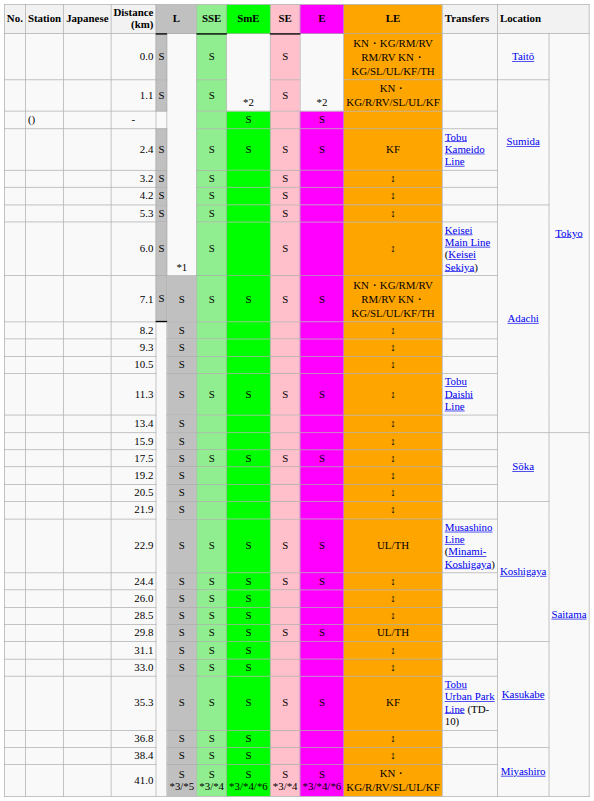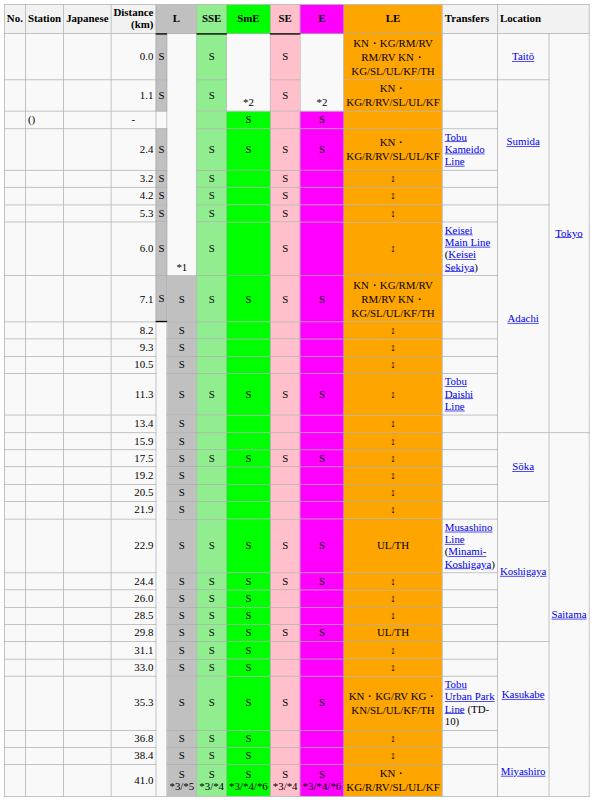 <table class="wikitable">
 <tr style="text-align: center;">
 <th style="text-align: left">No.</th>
 <th style="text-align: left">Station</th>
 <th style="text-align: left">Japanese</th>
 <th style="text-align: right">Distance (km)</th>
 <th style="background: silver" colspan="2">L</th>
 <th style="background: lightgreen">SSE</th>
 <th style="background: lime">SmE</th>
 <th style="background: pink">SE</th>
 <th style="background: magenta">E</th>
 <th style="background: orange">LE</th>
 <th style="text-align: left">Transfers</th>
 <th style="text-align: left" colspan="2">Location</th>
 </tr>
 <tr style="text-align: center; ">
 <td style="text-align: left"></td>
 <td style="text-align: left"></td>
 <td style="text-align: left"></td>
 <td style="text-align: right">0.0</td>
 <td style="background: silver; border-top: solid 2px black">S</td>
 <td valign="bottom" rowspan="8">*1</td>
 <td style="background: lightgreen; border-top: solid 2px black">S</td>
 <td valign="bottom" rowspan="2">*2</td>
 <td style="background: pink; border-top: solid 2px black">S</td>
 <td valign="bottom" rowspan="2">*2</td>
 <td style="background: orange">KN・KG/RM/RV RM/RV KN・KG/SL/UL/KF/TH</td>
 <td style="text-align: left"></td>
 <td><a href='#'>Taitō</a></td>
 <td rowspan="14"><a href='#'>Tokyo</a></td>
 </tr>
 <tr style="text-align: center; ">
 <td style="text-align: left"></td>
 <td style="text-align: left"></td>
 <td style="text-align: left"></td>
 <td style="text-align: right">1.1</td>
 <td style="background: silver">S</td>
 <td style="background: lightgreen">S</td>
 <td style="background: pink">S</td>
 <td style="background: orange">KN・KG/R/RV/SL/UL/KF</td>
 <td style="text-align: left"> </td>
 <td rowspan="5"><a href='#'>Sumida</a></td>
 </tr>
 <tr style="text-align: center; ">
 <td style="text-align: left"></td>
 <td style="text-align: left">()</td>
 <td style="text-align: left"></td>
 <td style="text-align: center">-</td>
 <td> </td>
 <td style="background: lightgreen"> </td>
 <td style="background: lime">S</td>
 <td style="background: pink"> </td>
 <td style="background: magenta">S</td>
 <td style="background: orange"></td>
 <td style="text-align: left"></td>
 </tr>
 <tr style="text-align: center; ">
 <td style="text-align: left"></td>
 <td style="text-align: left"></td>
 <td style="text-align: left"></td>
 <td style="text-align: right">2.4</td>
 <td style="background: silver">S</td>
 <td style="background: lightgreen">S</td>
 <td style="background: lime">S</td>
 <td style="background: pink">S</td>
 <td style="background: magenta">S</td>
-<td style="background: orange">KF</td>
+<td style="background: orange">KN・KG/R/RV/SL/UL/KF</td>
 <td style="text-align: left"> <a href='#'>Tobu Kameido Line</a></td>
 </tr>
 <tr style="text-align: center; ">
 <td style="text-align: left"></td>
 <td style="text-align: left"></td>
 <td style="text-align: left"></td>
 <td style="text-align: right">3.2</td>
 <td style="background: silver">S</td>
 <td style="background: lightgreen">S</td>
 <td style="background: lime"> </td>
 <td style="background: pink">S</td>
 <td style="background: magenta"> </td>
 <td style="background: orange">↕</td>
 <td style="text-align: left"> </td>
 </tr>
 <tr style="text-align: center; ">
 <td style="text-align: left"></td>
 <td style="text-align: left"></td>
 <td style="text-align: left"></td>
 <td style="text-align: right">4.2</td>
 <td style="background: silver">S</td>
 <td style="background: lightgreen">S</td>
 <td style="background: lime"> </td>
 <td style="background: pink">S</td>
 <td style="background: magenta"> </td>
 <td style="background: orange">↕</td>
 <td style="text-align: left"> </td>
 </tr>
 <tr style="text-align: center; ">
 <td style="text-align: left"></td>
 <td style="text-align: left"></td>
 <td style="text-align: left"></td>
 <td style="text-align: right">5.3</td>
 <td style="background: silver">S</td>
 <td style="background: lightgreen">S</td>
 <td style="background: lime"> </td>
 <td style="background: pink">S</td>
 <td style="background: magenta"> </td>
 <td style="background: orange">↕</td>
 <td> </td>
 <td rowspan="8"><a href='#'>Adachi</a></td>
 </tr>
 <tr style="text-align: center; ">
 <td style="text-align: left"></td>
 <td style="text-align: left"></td>
 <td style="text-align: left"></td>
 <td style="text-align: right">6.0</td>
 <td style="background: silver">S</td>
 <td style="background: lightgreen">S</td>
 <td style="background: lime"> </td>
 <td style="background: pink">S</td>
 <td style="background: magenta"> </td>
 <td style="background: orange">↕</td>
 <td style="text-align: left"> <a href='#'>Keisei Main Line</a><br>(<a href='#'>Keisei Sekiya</a>)</td>
 </tr>
 <tr style="text-align: center; ">
 <td style="text-align: left"></td>
 <td style="text-align: left"></td>
 <td style="text-align: left"></td>
 <td style="text-align: right">7.1</td>
 <td style="background: silver; border-bottom: solid 2px black">S</td>
 <td style="background: silver">S</td>
 <td style="background: lightgreen">S</td>
 <td style="background: lime">S</td>
 <td style="background: pink">S</td>
 <td style="background: magenta">S</td>
 <td style="background: orange">KN・KG/RM/RV RM/RV KN・KG/SL/UL/KF/TH</td>
 <td style="text-align: left"></td>
 </tr>
 <tr style="text-align: center; ">
 <td style="text-align: left"></td>
 <td style="text-align: left"></td>
 <td style="text-align: left"></td>
 <td style="text-align: right">8.2</td>
 <td rowspan="21"> </td>
 <td style="background: silver">S</td>
 <td style="background: lightgreen"> </td>
 <td style="background: lime"> </td>
 <td style="background: pink"> </td>
 <td style="background: magenta"> </td>
 <td style="background: orange">↕</td>
 <td style="text-align: left"> </td>
 </tr>
 <tr style="text-align: center; ">
 <td style="text-align: left"></td>
 <td style="text-align: left"></td>
 <td style="text-align: left"></td>
 <td style="text-align: right">9.3</td>
 <td style="background: silver">S</td>
 <td style="background: lightgreen"> </td>
 <td style="background: lime"> </td>
 <td style="background: pink"> </td>
 <td style="background: magenta"> </td>
 <td style="background: orange">↕</td>
 <td style="text-align: left"> </td>
 </tr>
 <tr style="text-align: center; ">
 <td style="text-align: left"></td>
 <td style="text-align: left"></td>
 <td style="text-align: left"></td>
 <td style="text-align: right">10.5</td>
 <td style="background: silver">S</td>
 <td style="background: lightgreen"> </td>
 <td style="background: lime"> </td>
 <td style="background: pink"> </td>
 <td style="background: magenta"> </td>
 <td style="background: orange">↕</td>
 <td style="text-align: left"> </td>
 </tr>
 <tr style="text-align: center; ">
 <td style="text-align: left"></td>
 <td style="text-align: left"></td>
 <td style="text-align: left"></td>
 <td style="text-align: right">11.3</td>
 <td style="background: silver">S</td>
 <td style="background: lightgreen">S</td>
 <td style="background: lime">S</td>
 <td style="background: pink">S</td>
 <td style="background: magenta">S</td>
 <td style="background: orange">↕</td>
 <td style="text-align: left"> <a href='#'>Tobu Daishi Line</a></td>
 </tr>
 <tr style="text-align: center; ">
 <td style="text-align: left"></td>
 <td style="text-align: left"></td>
 <td style="text-align: left"></td>
 <td style="text-align: right">13.4</td>
 <td style="background: silver">S</td>
 <td style="background: lightgreen"> </td>
 <td style="background: lime"> </td>
 <td style="background: pink"> </td>
 <td style="background: magenta"> </td>
 <td style="background: orange">↕</td>
 <td style="text-align: left"> </td>
 </tr>
 <tr style="text-align: center; ">
 <td style="text-align: left"></td>
 <td style="text-align: left"></td>
 <td style="text-align: left"></td>
 <td style="text-align: right">15.9</td>
 <td style="background: silver">S</td>
 <td style="background: lightgreen"> </td>
 <td style="background: lime"> </td>
 <td style="background: pink"> </td>
 <td style="background: magenta"> </td>
 <td style="background: orange">↕</td>
 <td style="text-align: left"> </td>
 <td rowspan="4"><a href='#'>Sōka</a></td>
 <td rowspan="16"><a href='#'>Saitama</a></td>
 </tr>
 <tr style="text-align: center; ">
 <td style="text-align: left"></td>
 <td style="text-align: left"></td>
 <td style="text-align: left"></td>
 <td style="text-align: right">17.5</td>
 <td style="background: silver">S</td>
 <td style="background: lightgreen">S</td>
 <td style="background: lime">S</td>
 <td style="background: pink">S</td>
 <td style="background: magenta">S</td>
 <td style="background: orange">↕</td>
 <td style="text-align: left"> </td>
 </tr>
 <tr style="text-align: center; ">
 <td style="text-align: left"></td>
 <td style="text-align: left"></td>
 <td style="text-align: left"></td>
 <td style="text-align: right">19.2</td>
 <td style="background: silver">S</td>
 <td style="background: lightgreen"> </td>
 <td style="background: lime"> </td>
 <td style="background: pink"> </td>
 <td style="background: magenta"> </td>
 <td style="background: orange">↕</td>
 <td style="text-align: left"> </td>
 </tr>
 <tr style="text-align: center; ">
 <td style="text-align: left"></td>
 <td style="text-align: left"></td>
 <td style="text-align: left"></td>
 <td style="text-align: right">20.5</td>
 <td style="background: silver">S</td>
 <td style="background: lightgreen"> </td>
 <td style="background: lime"> </td>
 <td style="background: pink"> </td>
 <td style="background: magenta"> </td>
 <td style="background: orange">↕</td>
 <td style="text-align: left"> </td>
 </tr>
 <tr style="text-align: center; ">
 <td style="text-align: left"></td>
 <td style="text-align: left"></td>
 <td style="text-align: left"></td>
 <td style="text-align: right">21.9</td>
 <td style="background: silver">S</td>
 <td style="background: lightgreen"> </td>
 <td style="background: lime"> </td>
 <td style="background: pink"> </td>
 <td style="background: magenta"> </td>
 <td style="background: orange">↕</td>
 <td style="text-align: left"> </td>
 <td rowspan="6"><a href='#'>Koshigaya</a></td>
 </tr>
 <tr style="text-align: center; ">
 <td style="text-align: left"></td>
 <td style="text-align: left"></td>
 <td style="text-align: left"></td>
 <td style="text-align: right">22.9</td>
 <td style="background: silver">S</td>
 <td style="background: lightgreen">S</td>
 <td style="background: lime">S</td>
 <td style="background: pink">S</td>
 <td style="background: magenta">S</td>
 <td style="background: orange">UL/TH</td>
 <td style="text-align: left"> <a href='#'>Musashino Line</a><br>(<a href='#'>Minami-Koshigaya</a>)</td>
 </tr>
 <tr style="text-align: center; ">
 <td style="text-align: left"></td>
 <td style="text-align: left"></td>
 <td style="text-align: left"></td>
 <td style="text-align: right">24.4</td>
 <td style="background: silver">S</td>
 <td style="background: lightgreen">S</td>
 <td style="background: lime">S</td>
 <td style="background: pink">S</td>
 <td style="background: magenta">S</td>
 <td style="background: orange">↕</td>
 <td style="text-align: left"> </td>
 </tr>
 <tr style="text-align: center; ">
 <td style="text-align: left"></td>
 <td style="text-align: left"></td>
 <td style="text-align: left"></td>
 <td style="text-align: right">26.0</td>
 <td style="background: silver">S</td>
 <td style="background: lightgreen">S</td>
 <td style="background: lime">S</td>
 <td style="background: pink"> </td>
 <td style="background: magenta"> </td>
 <td style="background: orange">↕</td>
 <td style="text-align: left"> </td>
 </tr>
 <tr style="text-align: center; ">
 <td style="text-align: left"></td>
 <td style="text-align: left"></td>
 <td style="text-align: left"></td>
 <td style="text-align: right">28.5</td>
 <td style="background: silver">S</td>
 <td style="background: lightgreen">S</td>
 <td style="background: lime">S</td>
 <td style="background: pink"> </td>
 <td style="background: magenta"> </td>
 <td style="background: orange">↕</td>
 <td style="text-align: left"> </td>
 </tr>
 <tr style="text-align: center; ">
 <td style="text-align: left"></td>
 <td style="text-align: left"></td>
 <td style="text-align: left"></td>
 <td style="text-align: right">29.8</td>
 <td style="background: silver">S</td>
 <td style="background: lightgreen">S</td>
 <td style="background: lime">S</td>
 <td style="background: pink">S</td>
 <td style="background: magenta">S</td>
 <td style="background: orange">UL/TH</td>
 <td style="text-align: left"> </td>
 </tr>
 <tr style="text-align: center; ">
 <td style="text-align: left"></td>
 <td style="text-align: left"></td>
 <td style="text-align: left"></td>
 <td style="text-align: right">31.1</td>
 <td style="background: silver">S</td>
 <td style="background: lightgreen">S</td>
 <td style="background: lime">S</td>
 <td style="background: pink"> </td>
 <td style="background: magenta"> </td>
 <td style="background: orange">↕</td>
 <td style="text-align: left"> </td>
 <td rowspan="4"><a href='#'>Kasukabe</a></td>
 </tr>
 <tr style="text-align: center; ">
 <td style="text-align: left"></td>
 <td style="text-align: left"></td>
 <td style="text-align: left"></td>
 <td style="text-align: right">33.0</td>
 <td style="background: silver">S</td>
 <td style="background: lightgreen">S</td>
 <td style="background: lime">S</td>
 <td style="background: pink"> </td>
 <td style="background: magenta"> </td>
 <td style="background: orange">↕</td>
 <td style="text-align: left"> </td>
 </tr>
 <tr style="text-align: center; ">
 <td style="text-align: left"></td>
 <td style="text-align: left"></td>
 <td style="text-align: left"></td>
 <td style="text-align: right">35.3</td>
 <td style="background: silver">S</td>
 <td style="background: lightgreen">S</td>
 <td style="background: lime">S</td>
 <td style="background: pink">S</td>
 <td style="background: magenta">S</td>
-<td style="background: orange">KF</td>
+<td style="background: orange">KN・KG/RV KG・KN/SL/UL/KF/TH</td>
 <td style="text-align: left"> <a href='#'>Tobu Urban Park Line</a> (TD-10)</td>
 </tr>
 <tr style="text-align: center; ">
 <td style="text-align: left"></td>
 <td style="text-align: left"></td>
 <td style="text-align: left"></td>
 <td style="text-align: right">36.8</td>
 <td style="background: silver">S</td>
 <td style="background: lightgreen">S</td>
 <td style="background: lime">S</td>
 <td style="background: pink"> </td>
 <td style="background: magenta"> </td>
 <td style="background: orange">↕</td>
 <td style="text-align: left"> </td>
 </tr>
 <tr style="text-align: center; ">
 <td style="text-align: left"></td>
 <td style="text-align: left"></td>
 <td style="text-align: left"></td>
 <td style="text-align: right">38.4</td>
 <td style="background: silver">S</td>
 <td style="background: lightgreen">S</td>
 <td style="background: lime">S</td>
 <td style="background: pink"> </td>
 <td style="background: magenta"> </td>
 <td style="background: orange">↕</td>
 <td style="text-align: left"> </td>
 <td rowspan="2"><a href='#'>Miyashiro</a></td>
 </tr>
 <tr style="text-align: center; ">
 <td style="text-align: left"></td>
 <td style="text-align: left"></td>
 <td style="text-align: left"></td>
 <td style="text-align: right">41.0</td>
 <td style="background: silver">S<br>*3/*5</td>
 <td style="background: lightgreen">S<br>*3/*4</td>
 <td style="background: lime">S<br>*3/*4/*6</td>
 <td style="background: pink">S<br>*3/*4</td>
 <td style="background: magenta">S<br>*3/*4/*6</td>
 <td style="background: orange">KN・KG/R/RV/SL/UL/KF</td>
 <td style="text-align: left"></td>
 </tr>
 </table>
